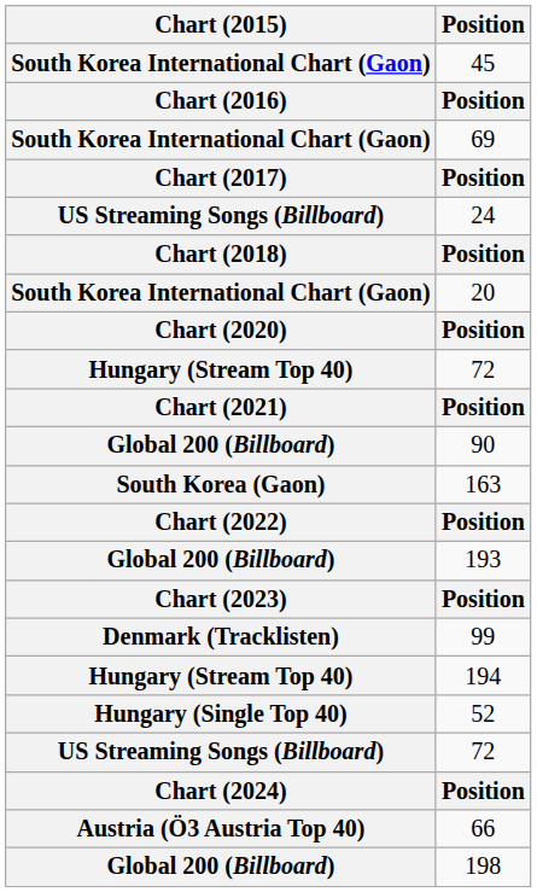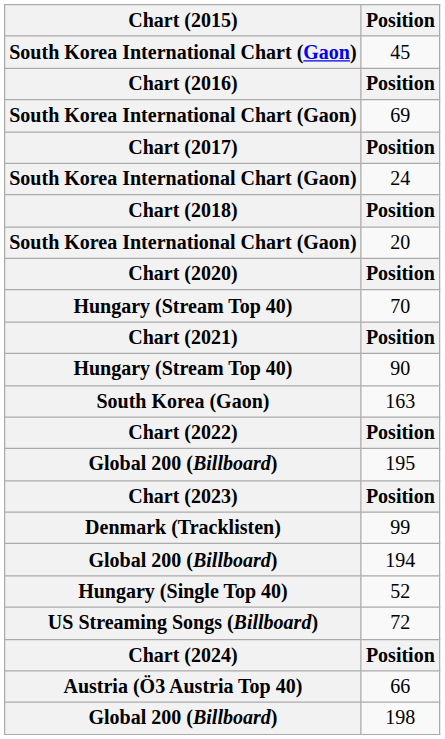 <table class="wikitable plainrowheaders" style="text-align:center;">
 <tr>
 <th scope="col">Chart (2015)</th>
 <th scope="col">Position</th>
 </tr>
 <tr>
 <th scope="row">South Korea International Chart (<a href='#'>Gaon</a>)</th>
 <td>45</td>
 </tr>
 <tr>
 <th scope="col">Chart (2016)</th>
 <th scope="col">Position</th>
 </tr>
 <tr>
 <th scope="row">South Korea International Chart (Gaon)</th>
 <td>69</td>
 </tr>
 <tr>
 <th scope="col">Chart (2017)</th>
 <th scope="col">Position</th>
 </tr>
 <tr>
-<th scope="row">US Streaming Songs (<em>Billboard</em>)</th>
+<th scope="row">South Korea International Chart (Gaon)</th>
 <td>24</td>
 </tr>
 <tr>
 <th scope="col">Chart (2018)</th>
 <th scope="col">Position</th>
 </tr>
 <tr>
 <th scope="row">South Korea International Chart (Gaon)</th>
 <td>20</td>
 </tr>
 <tr>
 <th scope="col">Chart (2020)</th>
 <th scope="col">Position</th>
 </tr>
 <tr>
 <th scope="row">Hungary (Stream Top 40)</th>
-<td>72</td>
+<td>70</td>
 </tr>
 <tr>
 <th scope="col">Chart (2021)</th>
 <th scope="col">Position</th>
 </tr>
 <tr>
-<th scope="row">Global 200 (<em>Billboard</em>)</th>
+<th scope="row">Hungary (Stream Top 40)</th>
 <td>90</td>
 </tr>
 <tr>
 <th scope="row">South Korea (Gaon)</th>
 <td>163</td>
 </tr>
 <tr>
 <th scope="col">Chart (2022)</th>
 <th scope="col">Position</th>
 </tr>
 <tr>
 <th scope="row">Global 200 (<em>Billboard</em>)</th>
-<td>193</td>
+<td>195</td>
 </tr>
 <tr>
 <th scope="col">Chart (2023)</th>
 <th scope="col">Position</th>
 </tr>
 <tr>
 <th scope="row">Denmark (Tracklisten)</th>
 <td>99</td>
 </tr>
 <tr>
-<th scope="row">Hungary (Stream Top 40)</th>
+<th scope="row">Global 200 (<em>Billboard</em>)</th>
 <td>194</td>
 </tr>
 <tr>
 <th scope="row">Hungary (Single Top 40)</th>
 <td>52</td>
 </tr>
 <tr>
 <th scope="row">US Streaming Songs (<em>Billboard</em>)</th>
 <td>72</td>
 </tr>
 <tr>
 <th scope="col">Chart (2024)</th>
 <th scope="col">Position</th>
 </tr>
 <tr>
 <th scope="row">Austria (Ö3 Austria Top 40)</th>
 <td>66</td>
 </tr>
 <tr>
 <th scope="row">Global 200 (<em>Billboard</em>)</th>
 <td>198</td>
 </tr>
 </table>
